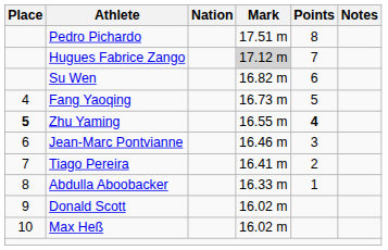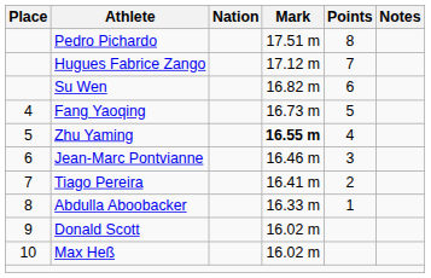 <table class="wikitable mw-datatable sortable" style="text-align:center;">
 <tr>
 <th scope="col">Place</th>
 <th scope="col">Athlete</th>
 <th scope="col">Nation</th>
 <th scope="col">Mark</th>
 <th scope="col">Points</th>
 <th scope="col">Notes</th>
 </tr>
 <tr>
 <td></td>
 <td align="left"><a href='#'>Pedro Pichardo</a></td>
 <td align="left"></td>
 <td>17.51 m </td>
 <td>8</td>
 <td></td>
 </tr>
 <tr>
 <td></td>
 <td align="left"><a href='#'>Hugues Fabrice Zango</a></td>
 <td align="left"></td>
-<td style="background: lightgrey;">17.12 m </td>
+<td>17.12 m </td>
 <td>7</td>
 <td></td>
 </tr>
 <tr>
 <td></td>
 <td align="left"><a href='#'>Su Wen</a></td>
 <td align="left"></td>
 <td>16.82 m </td>
 <td>6</td>
 <td></td>
 </tr>
 <tr>
 <td>4</td>
 <td align="left"><a href='#'>Fang Yaoqing</a></td>
 <td align="left"></td>
 <td>16.73 m </td>
 <td>5</td>
 <td></td>
 </tr>
 <tr>
-<td><strong>5</strong></td>
+<td>5</td>
 <td align="left"><a href='#'>Zhu Yaming</a></td>
 <td align="left"></td>
-<td>16.55 m </td>
-<td><strong>4</strong></td>
+<td><strong>16.55 m </strong></td>
+<td>4</td>
 <td></td>
 </tr>
 <tr>
 <td>6</td>
 <td align="left"><a href='#'>Jean-Marc Pontvianne</a></td>
 <td align="left"></td>
 <td>16.46 m </td>
 <td>3</td>
 <td></td>
 </tr>
 <tr>
 <td>7</td>
 <td align="left"><a href='#'>Tiago Pereira</a></td>
 <td align="left"></td>
 <td>16.41 m </td>
 <td>2</td>
 <td></td>
 </tr>
 <tr>
 <td>8</td>
 <td align="left"><a href='#'>Abdulla Aboobacker</a></td>
 <td align="left"></td>
 <td>16.33 m </td>
 <td>1</td>
 <td></td>
 </tr>
 <tr>
 <td>9</td>
 <td align="left"><a href='#'>Donald Scott</a></td>
 <td align="left"></td>
 <td>16.02 m </td>
 <td></td>
 <td></td>
 </tr>
 <tr>
 <td>10</td>
 <td align="left"><a href='#'>Max Heß</a></td>
 <td align="left"></td>
 <td>16.02 m </td>
 <td></td>
 <td></td>
 </tr>
 <tr class="sortbottom">
 <td colspan="6"></td>
 </tr>
 </table>
